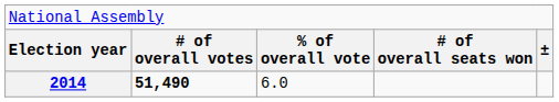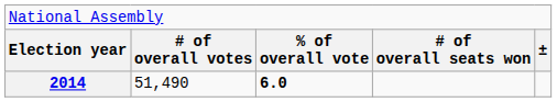 <table class=wikitable>
 <tr>
 <td colspan=6><a href='#'>National Assembly</a></td>
 </tr>
 <tr>
 <th>Election year</th>
 <th># of<br>overall votes</th>
 <th>% of<br>overall vote</th>
 <th># of<br>overall seats won</th>
 <th>±</th>
 </tr>
 <tr>
 <th><a href='#'>2014</a></th>
-<td><strong>51,490</strong></td>
-<td>6.0</td>
+<td>51,490</td>
+<td><strong>6.0</strong></td>
 <td></td>
 <td></td>
 </tr>
 </table>
